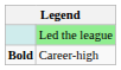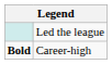 <table class="wikitable">
 <tr>
 <th colspan="2">Legend</th>
 </tr>
 <tr>
 <td style="background:#cfecec"></td>
-<td style="background: lightgreen;">Led the league</td>
+<td>Led the league</td>
 </tr>
 <tr>
 <td><strong>Bold</strong></td>
 <td>Career-high</td>
 </tr>
 </table>
